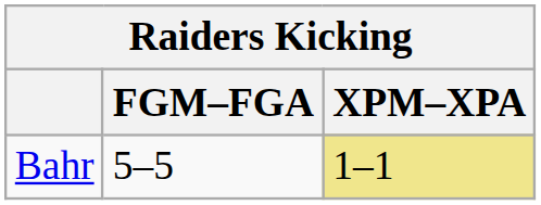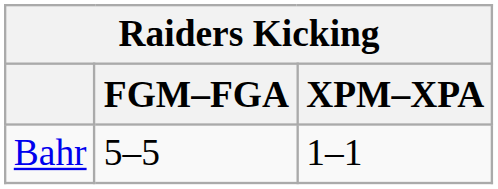 <table class="wikitable">
 <tr>
 <th colspan="3">Raiders Kicking</th>
 </tr>
 <tr>
 <th></th>
 <th>FGM–FGA</th>
 <th>XPM–XPA</th>
 </tr>
 <tr>
 <td><a href='#'>Bahr</a></td>
 <td>5–5</td>
-<td style="background: khaki;">1–1</td>
+<td>1–1</td>
 </tr>
 </table>
